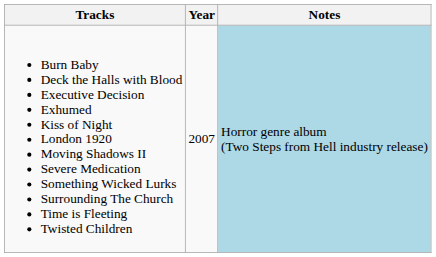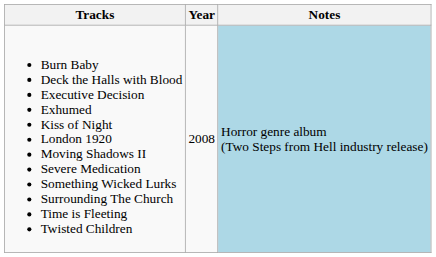 <table class="wikitable sortable">
 <tr>
 <th>Tracks</th>
 <th>Year</th>
 <th>Notes</th>
 </tr>
 <tr>
 <td><br><ul><li>Burn Baby</li><li>Deck the Halls with Blood</li><li>Executive Decision</li><li>Exhumed</li><li>Kiss of Night</li><li>London 1920</li><li>Moving Shadows II</li><li>Severe Medication</li><li>Something Wicked Lurks</li><li>Surrounding The Church</li><li>Time is Fleeting</li><li>Twisted Children</li></ul></td>
-<td>2007</td>
+<td>2008</td>
 <td style="background: lightblue;">Horror genre album<br>(Two Steps from Hell industry release)</td>
 </tr>
 </table>
